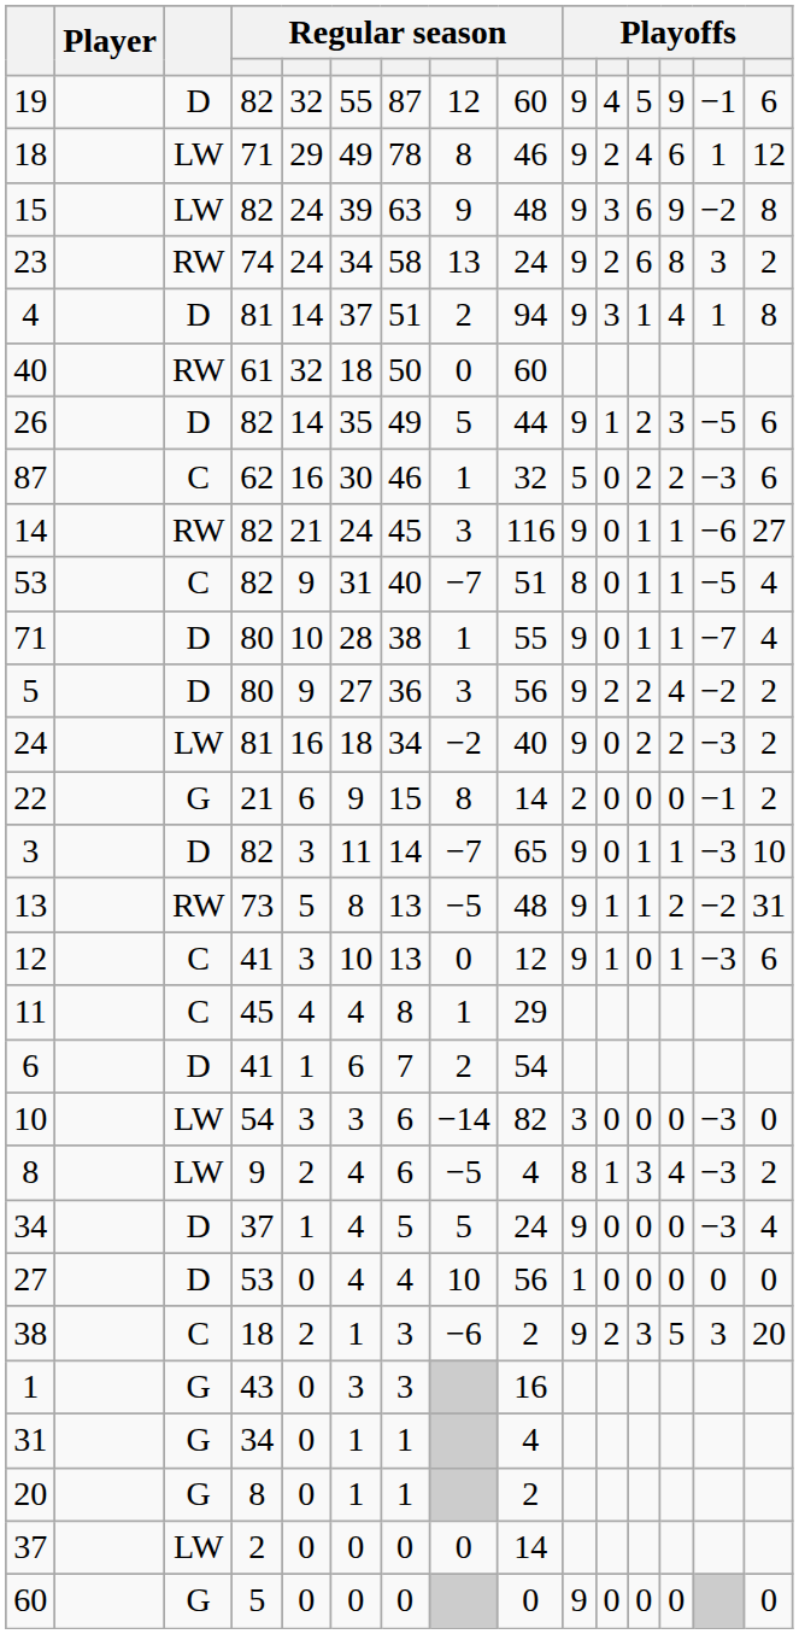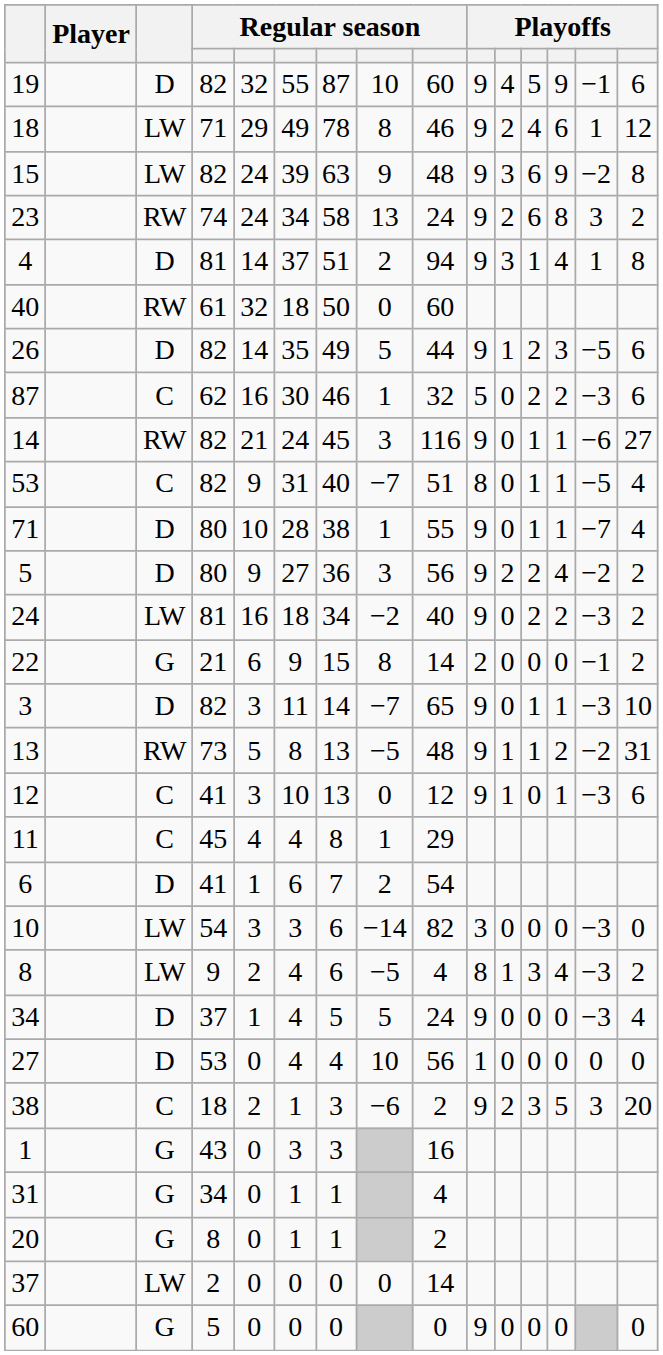 <table class="wikitable sortable plainrowheaders" style="text-align:center;">
 <tr>
 <th scope="col" data-sort-type="number" rowspan="2"></th>
 <th scope="col" rowspan="2">Player</th>
 <th scope="col" rowspan="2"></th>
 <th scope=colgroup colspan=6>Regular season</th>
 <th scope=colgroup colspan=6>Playoffs</th>
 </tr>
 <tr>
 <th scope="col" data-sort-type="number"></th>
 <th scope="col" data-sort-type="number"></th>
 <th scope="col" data-sort-type="number"></th>
 <th scope="col" data-sort-type="number"></th>
 <th scope="col" data-sort-type="number"></th>
 <th scope="col" data-sort-type="number"></th>
 <th scope="col" data-sort-type="number"></th>
 <th scope="col" data-sort-type="number"></th>
 <th scope="col" data-sort-type="number"></th>
 <th scope="col" data-sort-type="number"></th>
 <th scope="col" data-sort-type="number"></th>
 <th scope="col" data-sort-type="number"></th>
 </tr>
 <tr>
 <td scope="row">19</td>
 <td align="left"></td>
 <td>D</td>
 <td>82</td>
 <td>32</td>
 <td>55</td>
 <td>87</td>
-<td>12</td>
+<td>10</td>
 <td>60</td>
 <td>9</td>
 <td>4</td>
 <td>5</td>
 <td>9</td>
 <td>−1</td>
 <td>6</td>
 </tr>
 <tr>
 <td scope="row">18</td>
 <td align="left"></td>
 <td>LW</td>
 <td>71</td>
 <td>29</td>
 <td>49</td>
 <td>78</td>
 <td>8</td>
 <td>46</td>
 <td>9</td>
 <td>2</td>
 <td>4</td>
 <td>6</td>
 <td>1</td>
 <td>12</td>
 </tr>
 <tr>
 <td scope="row">15</td>
 <td align="left"></td>
 <td>LW</td>
 <td>82</td>
 <td>24</td>
 <td>39</td>
 <td>63</td>
 <td>9</td>
 <td>48</td>
 <td>9</td>
 <td>3</td>
 <td>6</td>
 <td>9</td>
 <td>−2</td>
 <td>8</td>
 </tr>
 <tr>
 <td scope="row">23</td>
 <td align="left"></td>
 <td>RW</td>
 <td>74</td>
 <td>24</td>
 <td>34</td>
 <td>58</td>
 <td>13</td>
 <td>24</td>
 <td>9</td>
 <td>2</td>
 <td>6</td>
 <td>8</td>
 <td>3</td>
 <td>2</td>
 </tr>
 <tr>
 <td scope="row">4</td>
 <td align="left"></td>
 <td>D</td>
 <td>81</td>
 <td>14</td>
 <td>37</td>
 <td>51</td>
 <td>2</td>
 <td>94</td>
 <td>9</td>
 <td>3</td>
 <td>1</td>
 <td>4</td>
 <td>1</td>
 <td>8</td>
 </tr>
 <tr>
 <td scope="row">40</td>
 <td align="left"></td>
 <td>RW</td>
 <td>61</td>
 <td>32</td>
 <td>18</td>
 <td>50</td>
 <td>0</td>
 <td>60</td>
 <td></td>
 <td></td>
 <td></td>
 <td></td>
 <td></td>
 <td></td>
 </tr>
 <tr>
 <td scope="row">26</td>
 <td align="left"></td>
 <td>D</td>
 <td>82</td>
 <td>14</td>
 <td>35</td>
 <td>49</td>
 <td>5</td>
 <td>44</td>
 <td>9</td>
 <td>1</td>
 <td>2</td>
 <td>3</td>
 <td>−5</td>
 <td>6</td>
 </tr>
 <tr>
 <td scope="row">87</td>
 <td align="left"></td>
 <td>C</td>
 <td>62</td>
 <td>16</td>
 <td>30</td>
 <td>46</td>
 <td>1</td>
 <td>32</td>
 <td>5</td>
 <td>0</td>
 <td>2</td>
 <td>2</td>
 <td>−3</td>
 <td>6</td>
 </tr>
 <tr>
 <td scope="row">14</td>
 <td align="left"></td>
 <td>RW</td>
 <td>82</td>
 <td>21</td>
 <td>24</td>
 <td>45</td>
 <td>3</td>
 <td>116</td>
 <td>9</td>
 <td>0</td>
 <td>1</td>
 <td>1</td>
 <td>−6</td>
 <td>27</td>
 </tr>
 <tr>
 <td scope="row">53</td>
 <td align="left"></td>
 <td>C</td>
 <td>82</td>
 <td>9</td>
 <td>31</td>
 <td>40</td>
 <td>−7</td>
 <td>51</td>
 <td>8</td>
 <td>0</td>
 <td>1</td>
 <td>1</td>
 <td>−5</td>
 <td>4</td>
 </tr>
 <tr>
 <td scope="row">71</td>
 <td align="left"></td>
 <td>D</td>
 <td>80</td>
 <td>10</td>
 <td>28</td>
 <td>38</td>
 <td>1</td>
 <td>55</td>
 <td>9</td>
 <td>0</td>
 <td>1</td>
 <td>1</td>
 <td>−7</td>
 <td>4</td>
 </tr>
 <tr>
 <td scope="row">5</td>
 <td align="left"></td>
 <td>D</td>
 <td>80</td>
 <td>9</td>
 <td>27</td>
 <td>36</td>
 <td>3</td>
 <td>56</td>
 <td>9</td>
 <td>2</td>
 <td>2</td>
 <td>4</td>
 <td>−2</td>
 <td>2</td>
 </tr>
 <tr>
 <td scope="row">24</td>
 <td align="left"></td>
 <td>LW</td>
 <td>81</td>
 <td>16</td>
 <td>18</td>
 <td>34</td>
 <td>−2</td>
 <td>40</td>
 <td>9</td>
 <td>0</td>
 <td>2</td>
 <td>2</td>
 <td>−3</td>
 <td>2</td>
 </tr>
 <tr>
 <td scope="row">22</td>
 <td align="left"></td>
 <td>G</td>
 <td>21</td>
 <td>6</td>
 <td>9</td>
 <td>15</td>
 <td>8</td>
 <td>14</td>
 <td>2</td>
 <td>0</td>
 <td>0</td>
 <td>0</td>
 <td>−1</td>
 <td>2</td>
 </tr>
 <tr>
 <td scope="row">3</td>
 <td align="left"></td>
 <td>D</td>
 <td>82</td>
 <td>3</td>
 <td>11</td>
 <td>14</td>
 <td>−7</td>
 <td>65</td>
 <td>9</td>
 <td>0</td>
 <td>1</td>
 <td>1</td>
 <td>−3</td>
 <td>10</td>
 </tr>
 <tr>
 <td scope="row">13</td>
 <td align="left"></td>
 <td>RW</td>
 <td>73</td>
 <td>5</td>
 <td>8</td>
 <td>13</td>
 <td>−5</td>
 <td>48</td>
 <td>9</td>
 <td>1</td>
 <td>1</td>
 <td>2</td>
 <td>−2</td>
 <td>31</td>
 </tr>
 <tr>
 <td scope="row">12</td>
 <td align="left"></td>
 <td>C</td>
 <td>41</td>
 <td>3</td>
 <td>10</td>
 <td>13</td>
 <td>0</td>
 <td>12</td>
 <td>9</td>
 <td>1</td>
 <td>0</td>
 <td>1</td>
 <td>−3</td>
 <td>6</td>
 </tr>
 <tr>
 <td scope="row">11</td>
 <td align="left"></td>
 <td>C</td>
 <td>45</td>
 <td>4</td>
 <td>4</td>
 <td>8</td>
 <td>1</td>
 <td>29</td>
 <td></td>
 <td></td>
 <td></td>
 <td></td>
 <td></td>
 <td></td>
 </tr>
 <tr>
 <td scope="row">6</td>
 <td align="left"></td>
 <td>D</td>
 <td>41</td>
 <td>1</td>
 <td>6</td>
 <td>7</td>
 <td>2</td>
 <td>54</td>
 <td></td>
 <td></td>
 <td></td>
 <td></td>
 <td></td>
 <td></td>
 </tr>
 <tr>
 <td scope="row">10</td>
 <td align="left"></td>
 <td>LW</td>
 <td>54</td>
 <td>3</td>
 <td>3</td>
 <td>6</td>
 <td>−14</td>
 <td>82</td>
 <td>3</td>
 <td>0</td>
 <td>0</td>
 <td>0</td>
 <td>−3</td>
 <td>0</td>
 </tr>
 <tr>
 <td scope="row">8</td>
 <td align="left"></td>
 <td>LW</td>
 <td>9</td>
 <td>2</td>
 <td>4</td>
 <td>6</td>
 <td>−5</td>
 <td>4</td>
 <td>8</td>
 <td>1</td>
 <td>3</td>
 <td>4</td>
 <td>−3</td>
 <td>2</td>
 </tr>
 <tr>
 <td scope="row">34</td>
 <td align="left"></td>
 <td>D</td>
 <td>37</td>
 <td>1</td>
 <td>4</td>
 <td>5</td>
 <td>5</td>
 <td>24</td>
 <td>9</td>
 <td>0</td>
 <td>0</td>
 <td>0</td>
 <td>−3</td>
 <td>4</td>
 </tr>
 <tr>
 <td scope="row">27</td>
 <td align="left"></td>
 <td>D</td>
 <td>53</td>
 <td>0</td>
 <td>4</td>
 <td>4</td>
 <td>10</td>
 <td>56</td>
 <td>1</td>
 <td>0</td>
 <td>0</td>
 <td>0</td>
 <td>0</td>
 <td>0</td>
 </tr>
 <tr>
 <td scope="row">38</td>
 <td align="left"></td>
 <td>C</td>
 <td>18</td>
 <td>2</td>
 <td>1</td>
 <td>3</td>
 <td>−6</td>
 <td>2</td>
 <td>9</td>
 <td>2</td>
 <td>3</td>
 <td>5</td>
 <td>3</td>
 <td>20</td>
 </tr>
 <tr>
 <td scope="row">1</td>
 <td align="left"></td>
 <td>G</td>
 <td>43</td>
 <td>0</td>
 <td>3</td>
 <td>3</td>
 <td style="background:#ccc"></td>
 <td>16</td>
 <td></td>
 <td></td>
 <td></td>
 <td></td>
 <td></td>
 <td></td>
 </tr>
 <tr>
 <td scope="row">31</td>
 <td align="left"></td>
 <td>G</td>
 <td>34</td>
 <td>0</td>
 <td>1</td>
 <td>1</td>
 <td style="background:#ccc"></td>
 <td>4</td>
 <td></td>
 <td></td>
 <td></td>
 <td></td>
 <td></td>
 <td></td>
 </tr>
 <tr>
 <td scope="row">20</td>
 <td align="left"></td>
 <td>G</td>
 <td>8</td>
 <td>0</td>
 <td>1</td>
 <td>1</td>
 <td style="background:#ccc"></td>
 <td>2</td>
 <td></td>
 <td></td>
 <td></td>
 <td></td>
 <td></td>
 <td></td>
 </tr>
 <tr>
 <td scope="row">37</td>
 <td align="left"></td>
 <td>LW</td>
 <td>2</td>
 <td>0</td>
 <td>0</td>
 <td>0</td>
 <td>0</td>
 <td>14</td>
 <td></td>
 <td></td>
 <td></td>
 <td></td>
 <td></td>
 <td></td>
 </tr>
 <tr>
 <td scope="row">60</td>
 <td align="left"></td>
 <td>G</td>
 <td>5</td>
 <td>0</td>
 <td>0</td>
 <td>0</td>
 <td style="background:#ccc"></td>
 <td>0</td>
 <td>9</td>
 <td>0</td>
 <td>0</td>
 <td>0</td>
 <td style="background:#ccc"></td>
 <td>0</td>
 </tr>
 </table>
